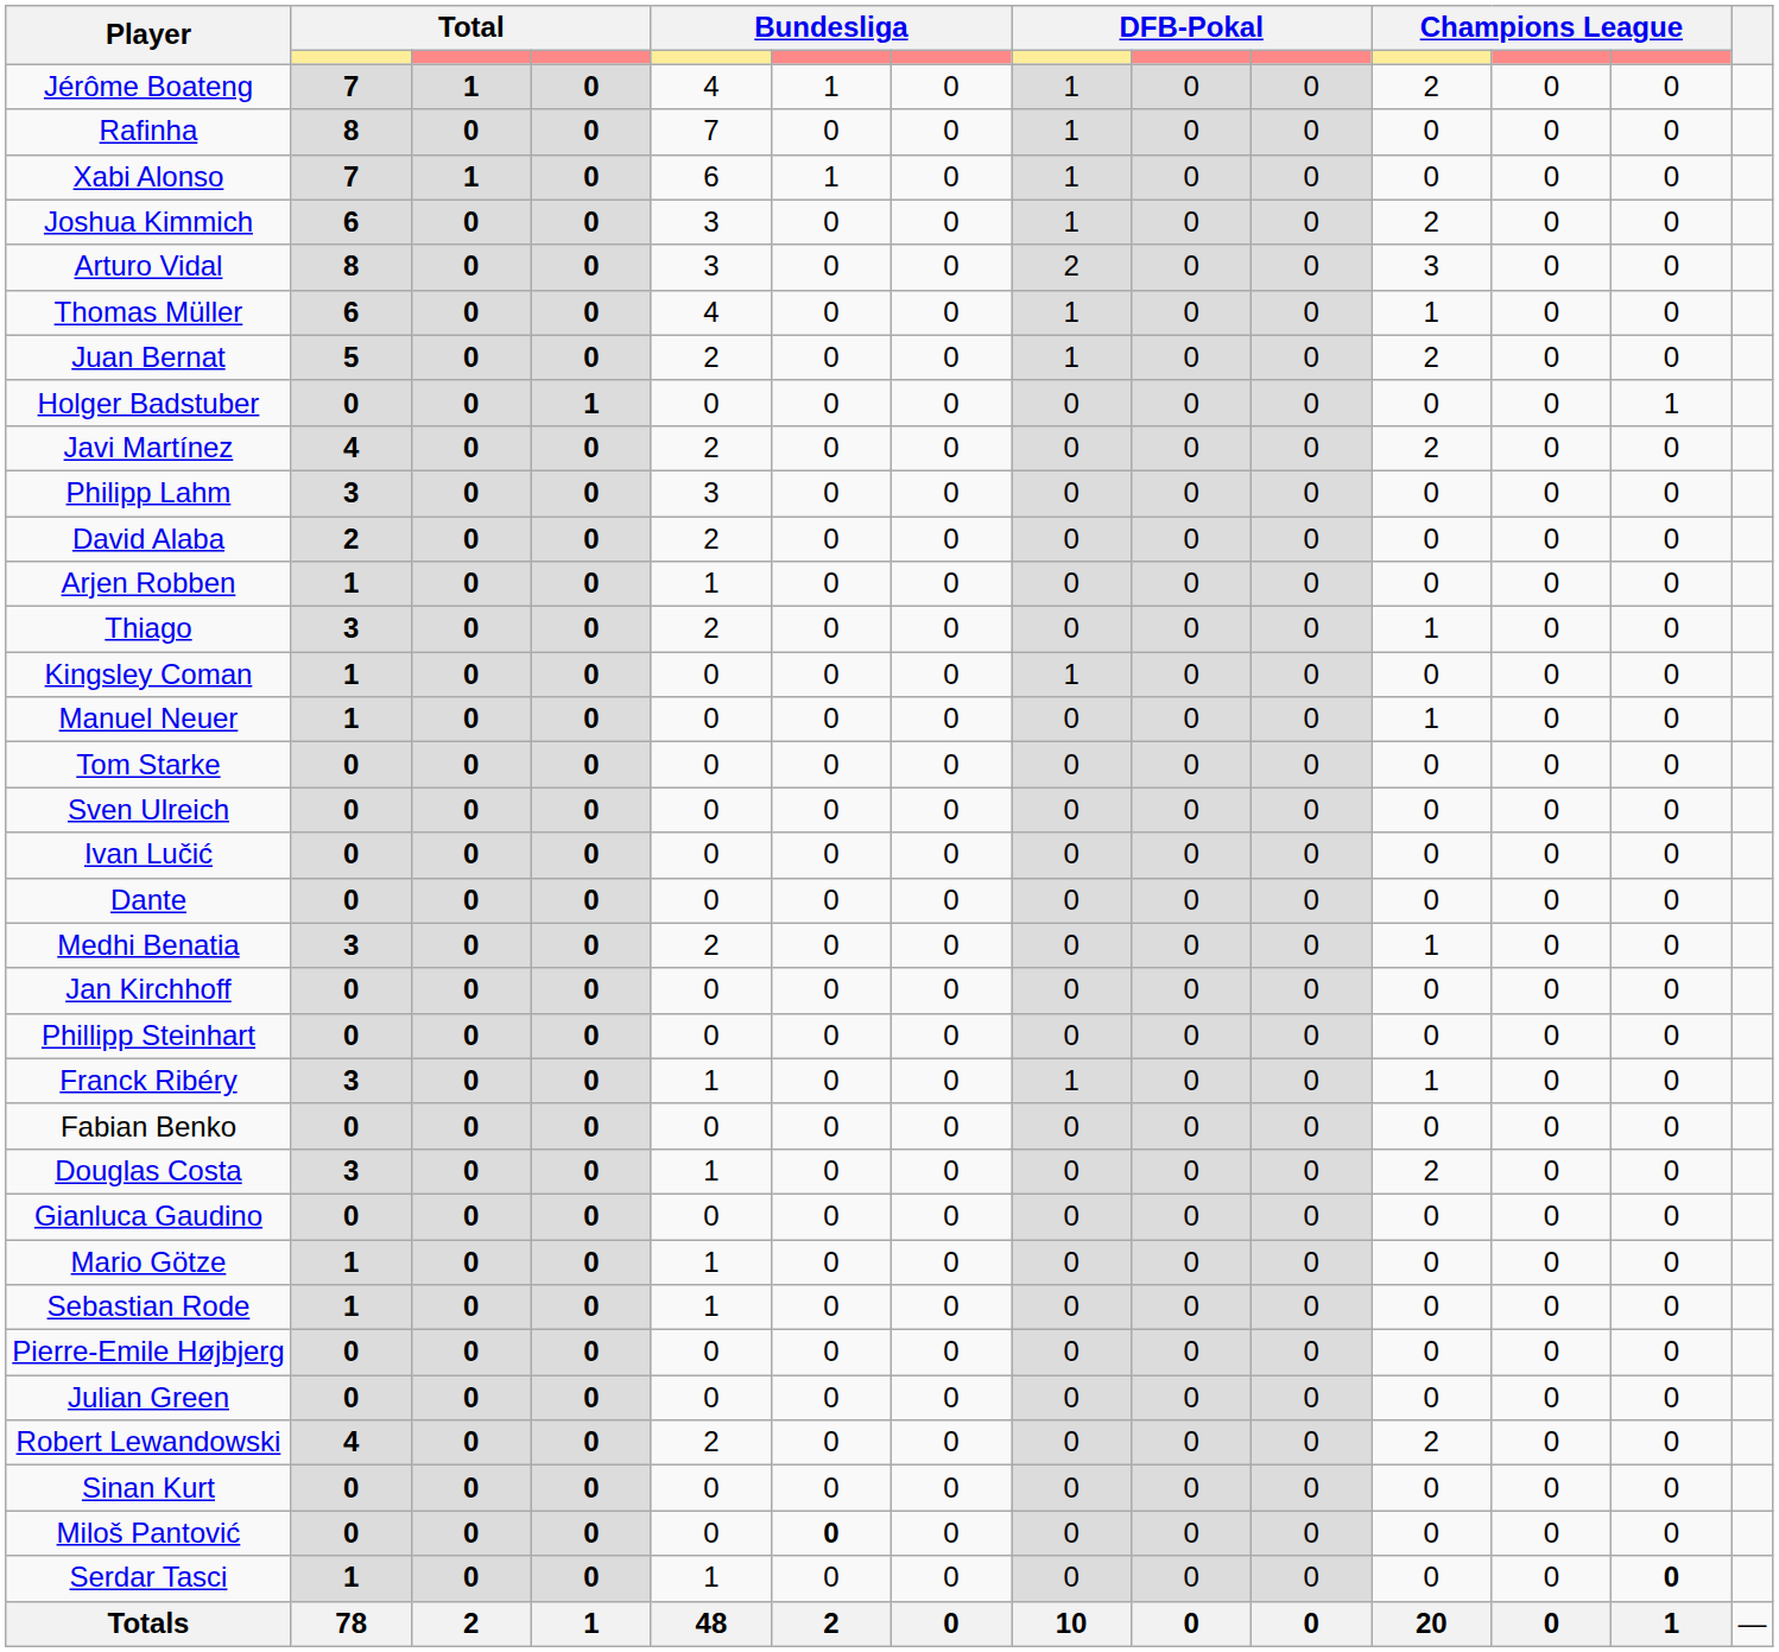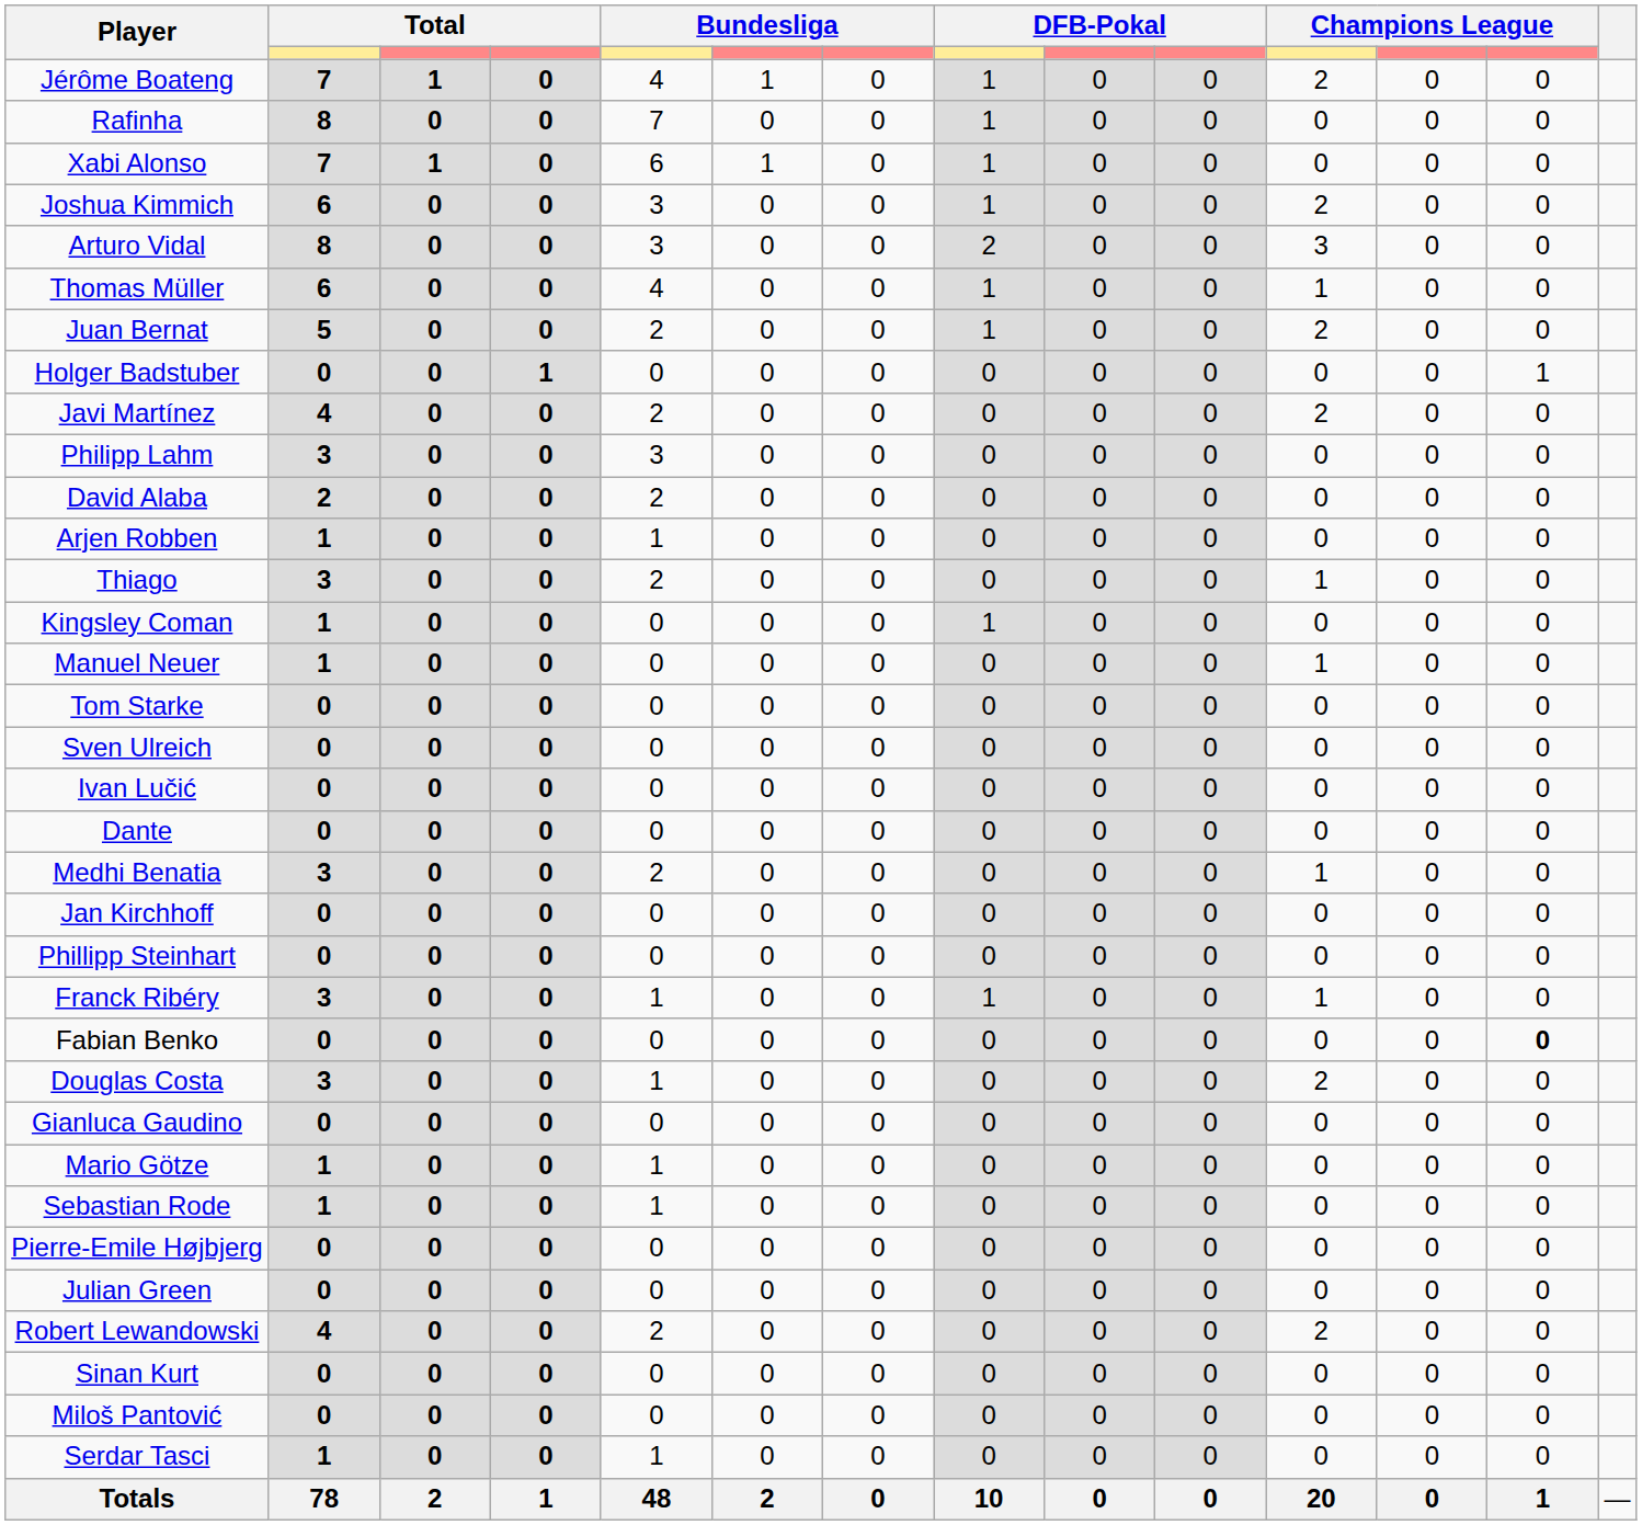 <table class="wikitable" style="text-align:center">
 <tr>
 <th rowspan="2">Player</th>
 <th colspan="3">Total</th>
 <th colspan="3"><a href='#'>Bundesliga</a></th>
 <th colspan="3"><a href='#'>DFB-Pokal</a></th>
 <th colspan="3"><a href='#'>Champions League</a></th>
 <th rowspan="2"></th>
 </tr>
 <tr>
 <th style="width:60px;background:#fe9"></th>
 <th style="width:60px;background:#ff8888"></th>
 <th style="width:60px;background:#ff8888"></th>
 <th style="width:60px;background:#fe9"></th>
 <th style="width:60px;background:#ff8888"></th>
 <th style="width:60px;background:#ff8888"></th>
 <th style="width:60px;background:#fe9"></th>
 <th style="width:60px;background:#ff8888"></th>
 <th style="width:60px;background:#ff8888"></th>
 <th style="width:60px;background:#fe9"></th>
 <th style="width:60px;background:#ff8888"></th>
 <th style="width:60px;background:#ff8888"></th>
 </tr>
 <tr>
 <td><a href='#'>Jérôme Boateng</a></td>
 <td style="background:#DCDCDC"><strong>7</strong> </td>
 <td style="background:#DCDCDC"><strong>1</strong> </td>
 <td style="background:#DCDCDC"><strong>0</strong> </td>
 <td>4 </td>
 <td>1 </td>
 <td>0 </td>
 <td style="background:#DCDCDC">1 </td>
 <td style="background:#DCDCDC">0 </td>
 <td style="background:#DCDCDC">0 </td>
 <td>2 </td>
 <td>0 </td>
 <td>0 </td>
 <td></td>
 </tr>
 <tr>
 <td><a href='#'>Rafinha</a></td>
 <td style="background:#DCDCDC"><strong>8</strong> </td>
 <td style="background:#DCDCDC"><strong>0</strong> </td>
 <td style="background:#DCDCDC"><strong>0</strong> </td>
 <td>7 </td>
 <td>0 </td>
 <td>0 </td>
 <td style="background:#DCDCDC">1 </td>
 <td style="background:#DCDCDC">0 </td>
 <td style="background:#DCDCDC">0 </td>
 <td>0 </td>
 <td>0 </td>
 <td>0 </td>
 <td></td>
 </tr>
 <tr>
 <td><a href='#'>Xabi Alonso</a></td>
 <td style="background:#DCDCDC"><strong>7</strong> </td>
 <td style="background:#DCDCDC"><strong>1</strong> </td>
 <td style="background:#DCDCDC"><strong>0</strong> </td>
 <td>6 </td>
 <td>1 </td>
 <td>0 </td>
 <td style="background:#DCDCDC">1 </td>
 <td style="background:#DCDCDC">0 </td>
 <td style="background:#DCDCDC">0 </td>
 <td>0 </td>
 <td>0 </td>
 <td>0 </td>
 <td></td>
 </tr>
 <tr>
 <td><a href='#'>Joshua Kimmich</a></td>
 <td style="background:#DCDCDC"><strong>6</strong> </td>
 <td style="background:#DCDCDC"><strong>0</strong> </td>
 <td style="background:#DCDCDC"><strong>0</strong> </td>
 <td>3 </td>
 <td>0 </td>
 <td>0 </td>
 <td style="background:#DCDCDC">1 </td>
 <td style="background:#DCDCDC">0 </td>
 <td style="background:#DCDCDC">0 </td>
 <td>2 </td>
 <td>0 </td>
 <td>0 </td>
 <td></td>
 </tr>
 <tr>
 <td><a href='#'>Arturo Vidal</a></td>
 <td style="background:#DCDCDC"><strong>8</strong> </td>
 <td style="background:#DCDCDC"><strong>0</strong> </td>
 <td style="background:#DCDCDC"><strong>0</strong> </td>
 <td>3 </td>
 <td>0 </td>
 <td>0 </td>
 <td style="background:#DCDCDC">2 </td>
 <td style="background:#DCDCDC">0 </td>
 <td style="background:#DCDCDC">0 </td>
 <td>3 </td>
 <td>0 </td>
 <td>0 </td>
 <td></td>
 </tr>
 <tr>
 <td><a href='#'>Thomas Müller</a></td>
 <td style="background:#DCDCDC"><strong>6</strong> </td>
 <td style="background:#DCDCDC"><strong>0</strong> </td>
 <td style="background:#DCDCDC"><strong>0</strong> </td>
 <td>4 </td>
 <td>0 </td>
 <td>0 </td>
 <td style="background:#DCDCDC">1 </td>
 <td style="background:#DCDCDC">0 </td>
 <td style="background:#DCDCDC">0 </td>
 <td>1 </td>
 <td>0 </td>
 <td>0 </td>
 <td></td>
 </tr>
 <tr>
 <td><a href='#'>Juan Bernat</a></td>
 <td style="background:#DCDCDC"><strong>5</strong> </td>
 <td style="background:#DCDCDC"><strong>0</strong> </td>
 <td style="background:#DCDCDC"><strong>0</strong> </td>
 <td>2 </td>
 <td>0 </td>
 <td>0 </td>
 <td style="background:#DCDCDC">1 </td>
 <td style="background:#DCDCDC">0 </td>
 <td style="background:#DCDCDC">0 </td>
 <td>2 </td>
 <td>0 </td>
 <td>0 </td>
 <td></td>
 </tr>
 <tr>
 <td><a href='#'>Holger Badstuber</a></td>
 <td style="background:#DCDCDC"><strong>0</strong> </td>
 <td style="background:#DCDCDC"><strong>0</strong> </td>
 <td style="background:#DCDCDC"><strong>1</strong> </td>
 <td>0 </td>
 <td>0 </td>
 <td>0 </td>
 <td style="background:#DCDCDC">0 </td>
 <td style="background:#DCDCDC">0 </td>
 <td style="background:#DCDCDC">0 </td>
 <td>0 </td>
 <td>0 </td>
 <td>1 </td>
 <td></td>
 </tr>
 <tr>
 <td><a href='#'>Javi Martínez</a></td>
 <td style="background:#DCDCDC"><strong>4</strong> </td>
 <td style="background:#DCDCDC"><strong>0</strong> </td>
 <td style="background:#DCDCDC"><strong>0</strong> </td>
 <td>2 </td>
 <td>0 </td>
 <td>0 </td>
 <td style="background:#DCDCDC">0 </td>
 <td style="background:#DCDCDC">0 </td>
 <td style="background:#DCDCDC">0 </td>
 <td>2 </td>
 <td>0 </td>
 <td>0 </td>
 <td></td>
 </tr>
 <tr>
 <td><a href='#'>Philipp Lahm</a></td>
 <td style="background:#DCDCDC"><strong>3</strong> </td>
 <td style="background:#DCDCDC"><strong>0</strong> </td>
 <td style="background:#DCDCDC"><strong>0</strong> </td>
 <td>3 </td>
 <td>0 </td>
 <td>0 </td>
 <td style="background:#DCDCDC">0 </td>
 <td style="background:#DCDCDC">0 </td>
 <td style="background:#DCDCDC">0 </td>
 <td>0 </td>
 <td>0 </td>
 <td>0 </td>
 <td></td>
 </tr>
 <tr>
 <td><a href='#'>David Alaba</a></td>
 <td style="background:#DCDCDC"><strong>2</strong> </td>
 <td style="background:#DCDCDC"><strong>0</strong> </td>
 <td style="background:#DCDCDC"><strong>0</strong> </td>
 <td>2 </td>
 <td>0 </td>
 <td>0 </td>
 <td style="background:#DCDCDC">0 </td>
 <td style="background:#DCDCDC">0 </td>
 <td style="background:#DCDCDC">0 </td>
 <td>0 </td>
 <td>0 </td>
 <td>0 </td>
 <td></td>
 </tr>
 <tr>
 <td><a href='#'>Arjen Robben</a></td>
 <td style="background:#DCDCDC"><strong>1</strong> </td>
 <td style="background:#DCDCDC"><strong>0</strong> </td>
 <td style="background:#DCDCDC"><strong>0</strong> </td>
 <td>1 </td>
 <td>0 </td>
 <td>0 </td>
 <td style="background:#DCDCDC">0 </td>
 <td style="background:#DCDCDC">0 </td>
 <td style="background:#DCDCDC">0 </td>
 <td>0 </td>
 <td>0 </td>
 <td>0 </td>
 <td></td>
 </tr>
 <tr>
 <td><a href='#'>Thiago</a></td>
 <td style="background:#DCDCDC"><strong>3</strong> </td>
 <td style="background:#DCDCDC"><strong>0</strong> </td>
 <td style="background:#DCDCDC"><strong>0</strong> </td>
 <td>2 </td>
 <td>0 </td>
 <td>0 </td>
 <td style="background:#DCDCDC">0 </td>
 <td style="background:#DCDCDC">0 </td>
 <td style="background:#DCDCDC">0 </td>
 <td>1 </td>
 <td>0 </td>
 <td>0 </td>
 <td></td>
 </tr>
 <tr>
 <td><a href='#'>Kingsley Coman</a></td>
 <td style="background:#DCDCDC"><strong>1</strong> </td>
 <td style="background:#DCDCDC"><strong>0</strong> </td>
 <td style="background:#DCDCDC"><strong>0</strong> </td>
 <td>0 </td>
 <td>0 </td>
 <td>0 </td>
 <td style="background:#DCDCDC">1 </td>
 <td style="background:#DCDCDC">0 </td>
 <td style="background:#DCDCDC">0 </td>
 <td>0 </td>
 <td>0 </td>
 <td>0 </td>
 <td></td>
 </tr>
 <tr>
 <td><a href='#'>Manuel Neuer</a></td>
 <td style="background:#DCDCDC"><strong>1</strong> </td>
 <td style="background:#DCDCDC"><strong>0</strong> </td>
 <td style="background:#DCDCDC"><strong>0</strong> </td>
 <td>0 </td>
 <td>0 </td>
 <td>0 </td>
 <td style="background:#DCDCDC">0 </td>
 <td style="background:#DCDCDC">0 </td>
 <td style="background:#DCDCDC">0 </td>
 <td>1 </td>
 <td>0 </td>
 <td>0 </td>
 <td></td>
 </tr>
 <tr>
 <td><a href='#'>Tom Starke</a></td>
 <td style="background:#DCDCDC"><strong>0</strong> </td>
 <td style="background:#DCDCDC"><strong>0</strong> </td>
 <td style="background:#DCDCDC"><strong>0</strong> </td>
 <td>0 </td>
 <td>0 </td>
 <td>0 </td>
 <td style="background:#DCDCDC">0 </td>
 <td style="background:#DCDCDC">0 </td>
 <td style="background:#DCDCDC">0 </td>
 <td>0 </td>
 <td>0 </td>
 <td>0 </td>
 <td></td>
 </tr>
 <tr>
 <td><a href='#'>Sven Ulreich</a></td>
 <td style="background:#DCDCDC"><strong>0</strong> </td>
 <td style="background:#DCDCDC"><strong>0</strong> </td>
 <td style="background:#DCDCDC"><strong>0</strong> </td>
 <td>0 </td>
 <td>0 </td>
 <td>0 </td>
 <td style="background:#DCDCDC">0 </td>
 <td style="background:#DCDCDC">0 </td>
 <td style="background:#DCDCDC">0 </td>
 <td>0 </td>
 <td>0 </td>
 <td>0 </td>
 <td></td>
 </tr>
 <tr>
 <td><a href='#'>Ivan Lučić</a></td>
 <td style="background:#DCDCDC"><strong>0</strong> </td>
 <td style="background:#DCDCDC"><strong>0</strong> </td>
 <td style="background:#DCDCDC"><strong>0</strong> </td>
 <td>0 </td>
 <td>0 </td>
 <td>0 </td>
 <td style="background:#DCDCDC">0 </td>
 <td style="background:#DCDCDC">0 </td>
 <td style="background:#DCDCDC">0 </td>
 <td>0 </td>
 <td>0 </td>
 <td>0 </td>
 <td></td>
 </tr>
 <tr>
 <td><a href='#'>Dante</a></td>
 <td style="background:#DCDCDC"><strong>0</strong> </td>
 <td style="background:#DCDCDC"><strong>0</strong> </td>
 <td style="background:#DCDCDC"><strong>0</strong> </td>
 <td>0 </td>
 <td>0 </td>
 <td>0 </td>
 <td style="background:#DCDCDC">0 </td>
 <td style="background:#DCDCDC">0 </td>
 <td style="background:#DCDCDC">0 </td>
 <td>0 </td>
 <td>0 </td>
 <td>0 </td>
 <td></td>
 </tr>
 <tr>
 <td><a href='#'>Medhi Benatia</a></td>
 <td style="background:#DCDCDC"><strong>3</strong> </td>
 <td style="background:#DCDCDC"><strong>0</strong> </td>
 <td style="background:#DCDCDC"><strong>0</strong> </td>
 <td>2 </td>
 <td>0 </td>
 <td>0 </td>
 <td style="background:#DCDCDC">0 </td>
 <td style="background:#DCDCDC">0 </td>
 <td style="background:#DCDCDC">0 </td>
 <td>1 </td>
 <td>0 </td>
 <td>0 </td>
 <td></td>
 </tr>
 <tr>
 <td><a href='#'>Jan Kirchhoff</a></td>
 <td style="background:#DCDCDC"><strong>0</strong> </td>
 <td style="background:#DCDCDC"><strong>0</strong> </td>
 <td style="background:#DCDCDC"><strong>0</strong> </td>
 <td>0 </td>
 <td>0 </td>
 <td>0 </td>
 <td style="background:#DCDCDC">0 </td>
 <td style="background:#DCDCDC">0 </td>
 <td style="background:#DCDCDC">0 </td>
 <td>0 </td>
 <td>0 </td>
 <td>0 </td>
 <td></td>
 </tr>
 <tr>
 <td><a href='#'>Phillipp Steinhart</a></td>
 <td style="background:#DCDCDC"><strong>0</strong> </td>
 <td style="background:#DCDCDC"><strong>0</strong> </td>
 <td style="background:#DCDCDC"><strong>0</strong> </td>
 <td>0 </td>
 <td>0 </td>
 <td>0 </td>
 <td style="background:#DCDCDC">0 </td>
 <td style="background:#DCDCDC">0 </td>
 <td style="background:#DCDCDC">0 </td>
 <td>0 </td>
 <td>0 </td>
 <td>0 </td>
 <td></td>
 </tr>
 <tr>
 <td><a href='#'>Franck Ribéry</a></td>
 <td style="background:#DCDCDC"><strong>3</strong> </td>
 <td style="background:#DCDCDC"><strong>0</strong> </td>
 <td style="background:#DCDCDC"><strong>0</strong> </td>
 <td>1 </td>
 <td>0 </td>
 <td>0 </td>
 <td style="background:#DCDCDC">1 </td>
 <td style="background:#DCDCDC">0 </td>
 <td style="background:#DCDCDC">0 </td>
 <td>1 </td>
 <td>0 </td>
 <td>0 </td>
 <td></td>
 </tr>
 <tr>
 <td>Fabian Benko</td>
 <td style="background:#DCDCDC"><strong>0</strong> </td>
 <td style="background:#DCDCDC"><strong>0</strong> </td>
 <td style="background:#DCDCDC"><strong>0</strong> </td>
 <td>0 </td>
 <td>0 </td>
 <td>0 </td>
 <td style="background:#DCDCDC">0 </td>
 <td style="background:#DCDCDC">0 </td>
 <td style="background:#DCDCDC">0 </td>
 <td>0 </td>
 <td>0 </td>
-<td>0 </td>
+<td><strong>0 </strong></td>
 <td></td>
 </tr>
 <tr>
 <td><a href='#'>Douglas Costa</a></td>
 <td style="background:#DCDCDC"><strong>3</strong> </td>
 <td style="background:#DCDCDC"><strong>0</strong> </td>
 <td style="background:#DCDCDC"><strong>0</strong> </td>
 <td>1 </td>
 <td>0 </td>
 <td>0 </td>
 <td style="background:#DCDCDC">0 </td>
 <td style="background:#DCDCDC">0 </td>
 <td style="background:#DCDCDC">0 </td>
 <td>2 </td>
 <td>0 </td>
 <td>0 </td>
 <td></td>
 </tr>
 <tr>
 <td><a href='#'>Gianluca Gaudino</a></td>
 <td style="background:#DCDCDC"><strong>0</strong> </td>
 <td style="background:#DCDCDC"><strong>0</strong> </td>
 <td style="background:#DCDCDC"><strong>0</strong> </td>
 <td>0 </td>
 <td>0 </td>
 <td>0 </td>
 <td style="background:#DCDCDC">0 </td>
 <td style="background:#DCDCDC">0 </td>
 <td style="background:#DCDCDC">0 </td>
 <td>0 </td>
 <td>0 </td>
 <td>0 </td>
 <td></td>
 </tr>
 <tr>
 <td><a href='#'>Mario Götze</a></td>
 <td style="background:#DCDCDC"><strong>1</strong> </td>
 <td style="background:#DCDCDC"><strong>0</strong> </td>
 <td style="background:#DCDCDC"><strong>0</strong> </td>
 <td>1 </td>
 <td>0 </td>
 <td>0 </td>
 <td style="background:#DCDCDC">0 </td>
 <td style="background:#DCDCDC">0 </td>
 <td style="background:#DCDCDC">0 </td>
 <td>0 </td>
 <td>0 </td>
 <td>0 </td>
 <td></td>
 </tr>
 <tr>
 <td><a href='#'>Sebastian Rode</a></td>
 <td style="background:#DCDCDC"><strong>1</strong> </td>
 <td style="background:#DCDCDC"><strong>0</strong> </td>
 <td style="background:#DCDCDC"><strong>0</strong> </td>
 <td>1 </td>
 <td>0 </td>
 <td>0 </td>
 <td style="background:#DCDCDC">0 </td>
 <td style="background:#DCDCDC">0 </td>
 <td style="background:#DCDCDC">0 </td>
 <td>0 </td>
 <td>0 </td>
 <td>0 </td>
 <td></td>
 </tr>
 <tr>
 <td><a href='#'>Pierre-Emile Højbjerg</a></td>
 <td style="background:#DCDCDC"><strong>0</strong> </td>
 <td style="background:#DCDCDC"><strong>0</strong> </td>
 <td style="background:#DCDCDC"><strong>0</strong> </td>
 <td>0 </td>
 <td>0 </td>
 <td>0 </td>
 <td style="background:#DCDCDC">0 </td>
 <td style="background:#DCDCDC">0 </td>
 <td style="background:#DCDCDC">0 </td>
 <td>0 </td>
 <td>0 </td>
 <td>0 </td>
 <td></td>
 </tr>
 <tr>
 <td><a href='#'>Julian Green</a></td>
 <td style="background:#DCDCDC"><strong>0</strong> </td>
 <td style="background:#DCDCDC"><strong>0</strong> </td>
 <td style="background:#DCDCDC"><strong>0</strong> </td>
 <td>0 </td>
 <td>0 </td>
 <td>0 </td>
 <td style="background:#DCDCDC">0 </td>
 <td style="background:#DCDCDC">0 </td>
 <td style="background:#DCDCDC">0 </td>
 <td>0 </td>
 <td>0 </td>
 <td>0 </td>
 <td></td>
 </tr>
 <tr>
 <td><a href='#'>Robert Lewandowski</a></td>
 <td style="background:#DCDCDC"><strong>4</strong> </td>
 <td style="background:#DCDCDC"><strong>0</strong> </td>
 <td style="background:#DCDCDC"><strong>0</strong> </td>
 <td>2 </td>
 <td>0 </td>
 <td>0 </td>
 <td style="background:#DCDCDC">0 </td>
 <td style="background:#DCDCDC">0 </td>
 <td style="background:#DCDCDC">0 </td>
 <td>2 </td>
 <td>0 </td>
 <td>0 </td>
 <td></td>
 </tr>
 <tr>
 <td><a href='#'>Sinan Kurt</a></td>
 <td style="background:#DCDCDC"><strong>0</strong> </td>
 <td style="background:#DCDCDC"><strong>0</strong> </td>
 <td style="background:#DCDCDC"><strong>0</strong> </td>
 <td>0 </td>
 <td>0 </td>
 <td>0 </td>
 <td style="background:#DCDCDC">0 </td>
 <td style="background:#DCDCDC">0 </td>
 <td style="background:#DCDCDC">0 </td>
 <td>0 </td>
 <td>0 </td>
 <td>0 </td>
 <td></td>
 </tr>
 <tr>
 <td><a href='#'>Miloš Pantović</a></td>
 <td style="background:#DCDCDC"><strong>0</strong> </td>
 <td style="background:#DCDCDC"><strong>0</strong> </td>
 <td style="background:#DCDCDC"><strong>0</strong> </td>
 <td>0 </td>
-<td><strong>0 </strong></td>
+<td>0 </td>
 <td>0 </td>
 <td style="background:#DCDCDC">0 </td>
 <td style="background:#DCDCDC">0 </td>
 <td style="background:#DCDCDC">0 </td>
 <td>0 </td>
 <td>0 </td>
 <td>0 </td>
 <td></td>
 </tr>
 <tr>
 <td><a href='#'>Serdar Tasci</a></td>
 <td style="background:#DCDCDC"><strong>1</strong> </td>
 <td style="background:#DCDCDC"><strong>0</strong> </td>
 <td style="background:#DCDCDC"><strong>0</strong> </td>
 <td>1 </td>
 <td>0 </td>
 <td>0 </td>
 <td style="background:#DCDCDC">0 </td>
 <td style="background:#DCDCDC">0 </td>
 <td style="background:#DCDCDC">0 </td>
 <td>0 </td>
 <td>0 </td>
-<td><strong>0 </strong></td>
+<td>0 </td>
 <td></td>
 </tr>
 <tr>
 <th>Totals</th>
 <th>78 </th>
 <th>2 </th>
 <th>1 </th>
 <th>48 </th>
 <th>2 </th>
 <th>0 </th>
 <th>10 </th>
 <th>0 </th>
 <th>0 </th>
 <th>20 </th>
 <th>0 </th>
 <th>1 </th>
 <td>—</td>
 </tr>
 </table>
